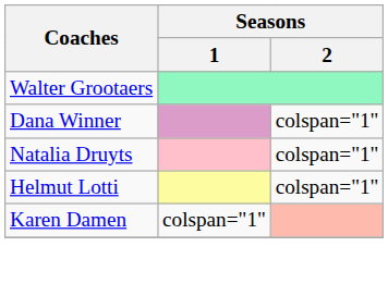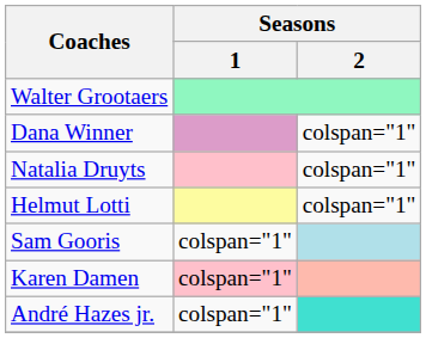 <table class="wikitable" width:"50%">
 <tr>
 <th rowspan="2">Coaches</th>
 <th colspan="2" =text-align:center;>Seasons</th>
 </tr>
 <tr>
 <th ! width="65">1</th>
 <th width="65">2</th>
 </tr>
 <tr>
 <td><a href='#'>Walter Grootaers</a></td>
 <td colspan="2" style="background:#8ff7c0"></td>
 </tr>
 <tr>
 <td><a href='#'>Dana Winner</a></td>
 <td colspan=1 style="background:#dc9cc9"></td>
 <td>colspan="1" </td>
 </tr>
 <tr>
 <td><a href='#'>Natalia Druyts</a></td>
 <td colspan=1 style="background:pink"></td>
 <td>colspan="1" </td>
 </tr>
 <tr>
 <td><a href='#'>Helmut Lotti</a></td>
 <td style="background:#FDFCA0"></td>
 <td>colspan="1" </td>
 </tr>
 <tr>
+<td><a href='#'>Sam Gooris</a></td>
+<td>colspan="1" </td>
+<td bgcolor="#b0e0e9"></td>
+</tr>
+<tr>
 <td><a href='#'>Karen Damen</a></td>
+<td style="background: pink;">colspan="1" </td>
+<td bgcolor="#febaad"></td>
+</tr>
+<tr>
+<td><a href='#'>André Hazes jr.</a></td>
 <td>colspan="1" </td>
-<td bgcolor="#febaad"></td>
+<td bgcolor="turquoise"></td>
 </tr>
 <tr>
 </tr>
 </table>
